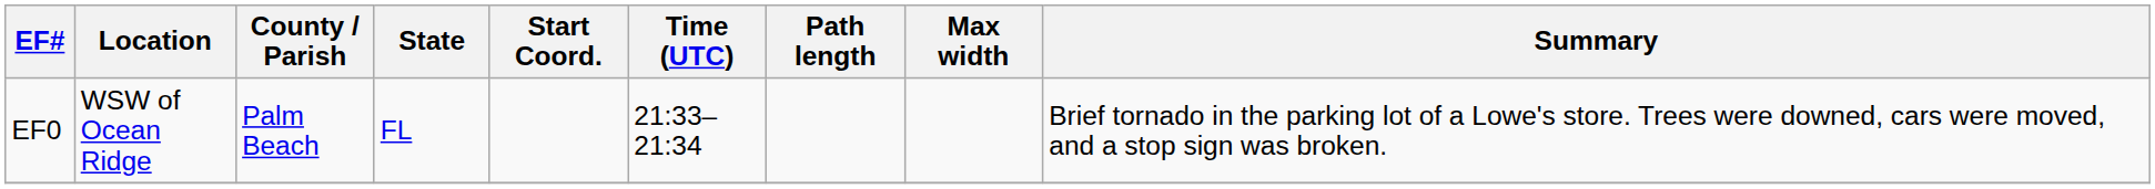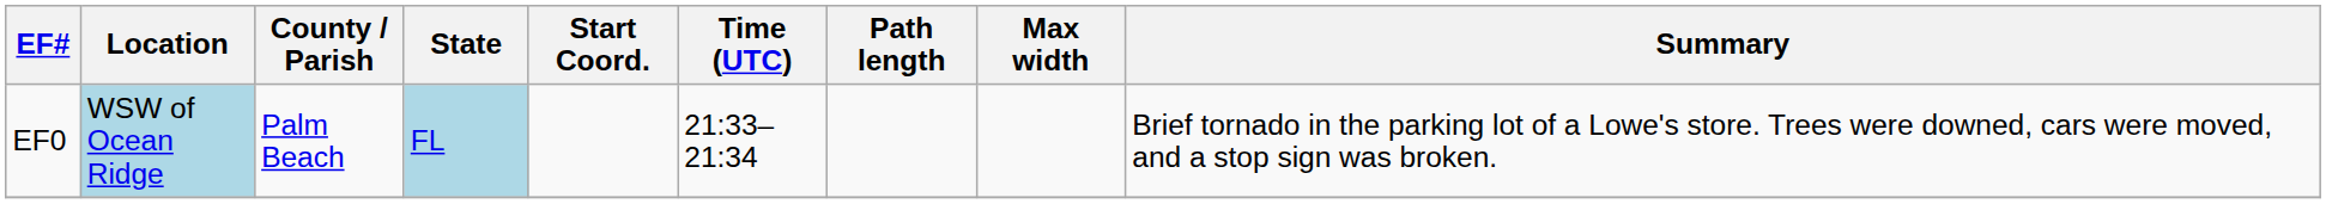 <table class="wikitable sortable" style="width:100%;">
 <tr>
 <th scope="col"  style="width:3%; text-align:center;"><a href='#'>EF#</a></th>
 <th scope="col"  style="width:7%; text-align:center;" class="unsortable">Location</th>
 <th scope="col"  style="width:6%; text-align:center;" class="unsortable">County / Parish</th>
 <th scope="col"  style="width:5%; text-align:center;">State</th>
 <th scope="col"  style="width:6%; text-align:center;">Start Coord.</th>
 <th scope="col"  style="width:6%; text-align:center;">Time (<a href='#'>UTC</a>)</th>
 <th scope="col"  style="width:6%; text-align:center;">Path length</th>
 <th scope="col"  style="width:6%; text-align:center;">Max width</th>
 <th scope="col" class="unsortable" style="width:48%; text-align:center;">Summary</th>
 </tr>
 <tr>
 <td>EF0</td>
-<td>WSW of <a href='#'>Ocean Ridge</a></td>
+<td style="background: lightblue;">WSW of <a href='#'>Ocean Ridge</a></td>
 <td><a href='#'>Palm Beach</a></td>
-<td><a href='#'>FL</a></td>
+<td style="background: lightblue;"><a href='#'>FL</a></td>
 <td></td>
 <td>21:33–21:34</td>
 <td></td>
 <td></td>
 <td>Brief tornado in the parking lot of a Lowe's store. Trees were downed, cars were moved, and a stop sign was broken.</td>
 </tr>
 <tr>
 </tr>
 </table>
